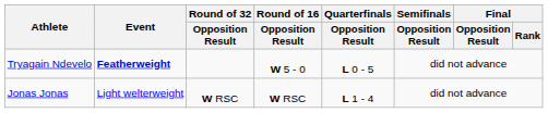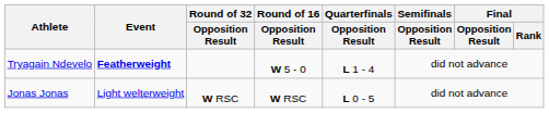 <table class="wikitable" style="font-size:90%; text-align:center">
 <tr>
 <th rowspan=2>Athlete</th>
 <th rowspan=2>Event</th>
 <th>Round of 32</th>
 <th>Round of 16</th>
 <th>Quarterfinals</th>
 <th>Semifinals</th>
 <th colspan=2>Final</th>
 </tr>
 <tr style="font-size:95%">
 <th>Opposition<br>Result</th>
 <th>Opposition<br>Result</th>
 <th>Opposition<br>Result</th>
 <th>Opposition<br>Result</th>
 <th>Opposition<br>Result</th>
 <th>Rank</th>
 </tr>
 <tr>
 <td align=left><a href='#'>Tryagain Ndevelo</a></td>
 <td align=left><strong><a href='#'>Featherweight</a></strong></td>
 <td></td>
 <td><br><strong>W</strong> 5 - 0</td>
-<td><br><strong>L</strong> 0 - 5</td>
+<td><br><strong>L</strong> 1 - 4</td>
 <td colspan=3>did not advance</td>
 </tr>
 <tr>
 <td align=left><a href='#'>Jonas Jonas</a></td>
 <td align=left><a href='#'>Light welterweight</a></td>
 <td><br><strong>W</strong> RSC</td>
 <td><br><strong>W</strong> RSC</td>
-<td><br><strong>L</strong> 1 - 4</td>
+<td><br><strong>L</strong> 0 - 5</td>
 <td colspan=3>did not advance</td>
 </tr>
 </table>
